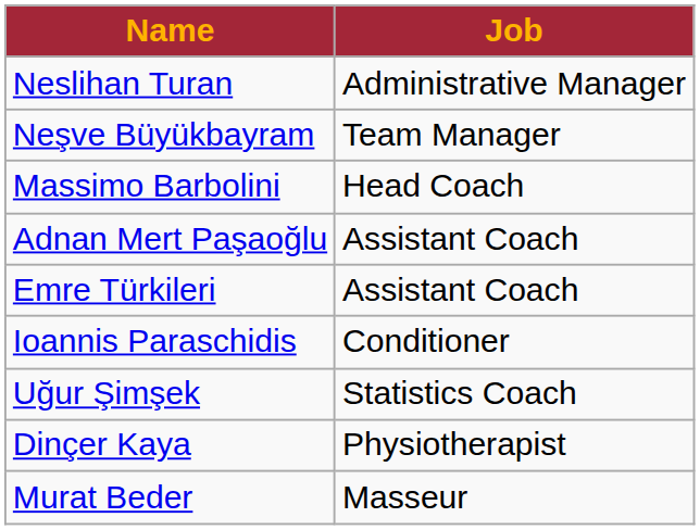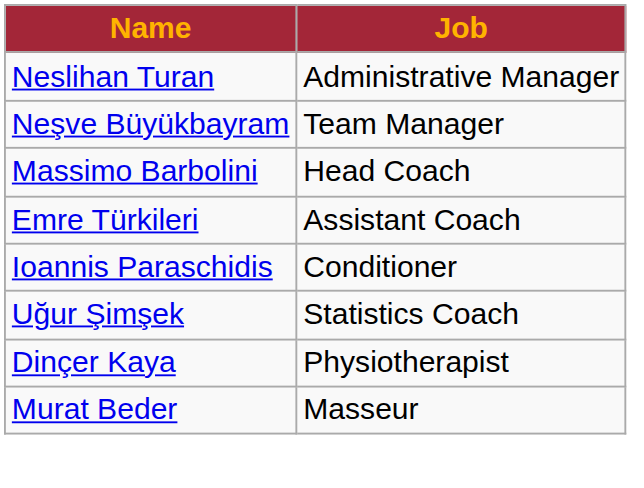 <table class="wikitable plainrowheaders sortable">
 <tr>
 <th style="background:#A32638; color:#FFB300; ">Name</th>
 <th style="background:#A32638; color:#FFB300; ">Job</th>
 </tr>
 <tr>
 <td> <a href='#'>Neslihan Turan</a></td>
 <td>Administrative Manager</td>
 </tr>
 <tr>
 <td> <a href='#'>Neşve Büyükbayram</a></td>
 <td>Team Manager</td>
 </tr>
 <tr>
 <td> <a href='#'>Massimo Barbolini</a></td>
 <td>Head Coach</td>
-</tr>
-<tr>
-<td> <a href='#'>Adnan Mert Paşaoğlu</a></td>
-<td>Assistant Coach</td>
 </tr>
 <tr>
 <td> <a href='#'>Emre Türkileri</a></td>
 <td>Assistant Coach</td>
 </tr>
 <tr>
 <td> <a href='#'>Ioannis Paraschidis</a></td>
 <td>Conditioner</td>
 </tr>
 <tr>
 <td> <a href='#'>Uğur Şimşek</a></td>
 <td>Statistics Coach</td>
 </tr>
 <tr>
 <td> <a href='#'>Dinçer Kaya</a></td>
 <td>Physiotherapist</td>
 </tr>
 <tr>
 <td> <a href='#'>Murat Beder</a></td>
 <td>Masseur</td>
 </tr>
 </table>
